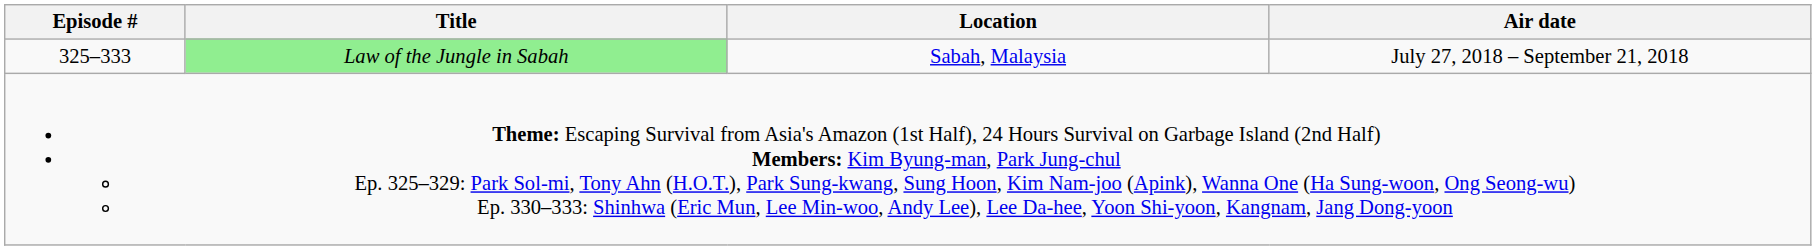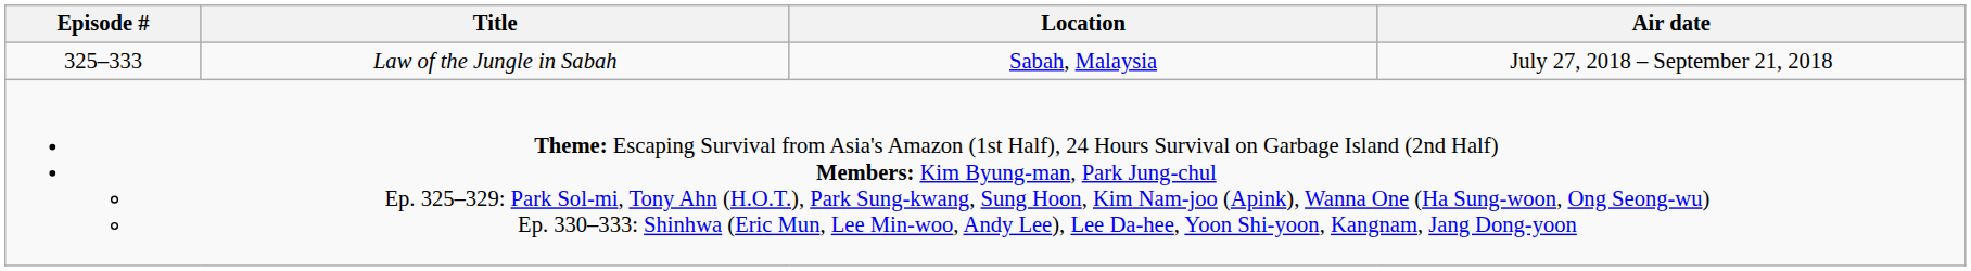 <table class="wikitable" style="text-align:center; font-size:90%; width:100%;">
 <tr>
 <th width="10%">Episode #</th>
 <th width="30%">Title</th>
 <th width="30%">Location</th>
 <th width="30%">Air date</th>
 </tr>
 <tr>
 <td>325–333</td>
-<td style="background: lightgreen;"><em>Law of the Jungle in Sabah</em></td>
+<td><em>Law of the Jungle in Sabah</em></td>
 <td><a href='#'>Sabah</a>, <a href='#'>Malaysia</a></td>
 <td>July 27, 2018 – September 21, 2018</td>
 </tr>
 <tr>
 <td colspan="4"><br><ul><li><strong>Theme:</strong> Escaping Survival from Asia's Amazon (1st Half), 24 Hours Survival on Garbage Island (2nd Half)</li><li><strong>Members:</strong> <a href='#'>Kim Byung-man</a>, <a href='#'>Park Jung-chul</a><ul><li>Ep. 325–329: <a href='#'>Park Sol-mi</a>, <a href='#'>Tony Ahn</a> (<a href='#'>H.O.T.</a>), <a href='#'>Park Sung-kwang</a>, <a href='#'>Sung Hoon</a>, <a href='#'>Kim Nam-joo</a> (<a href='#'>Apink</a>), <a href='#'>Wanna One</a> (<a href='#'>Ha Sung-woon</a>, <a href='#'>Ong Seong-wu</a>)</li><li>Ep. 330–333: <a href='#'>Shinhwa</a> (<a href='#'>Eric Mun</a>, <a href='#'>Lee Min-woo</a>, <a href='#'>Andy Lee</a>), <a href='#'>Lee Da-hee</a>, <a href='#'>Yoon Shi-yoon</a>, <a href='#'>Kangnam</a>, <a href='#'>Jang Dong-yoon</a></li></ul></li></ul></td>
 </tr>
 </table>
